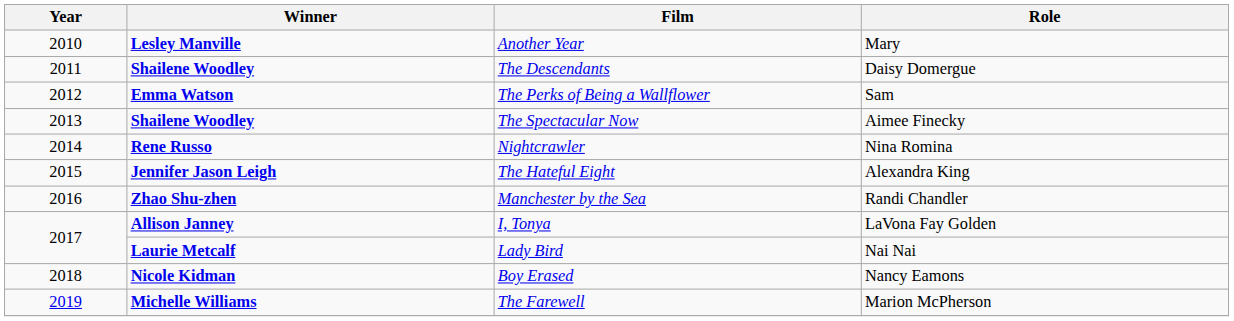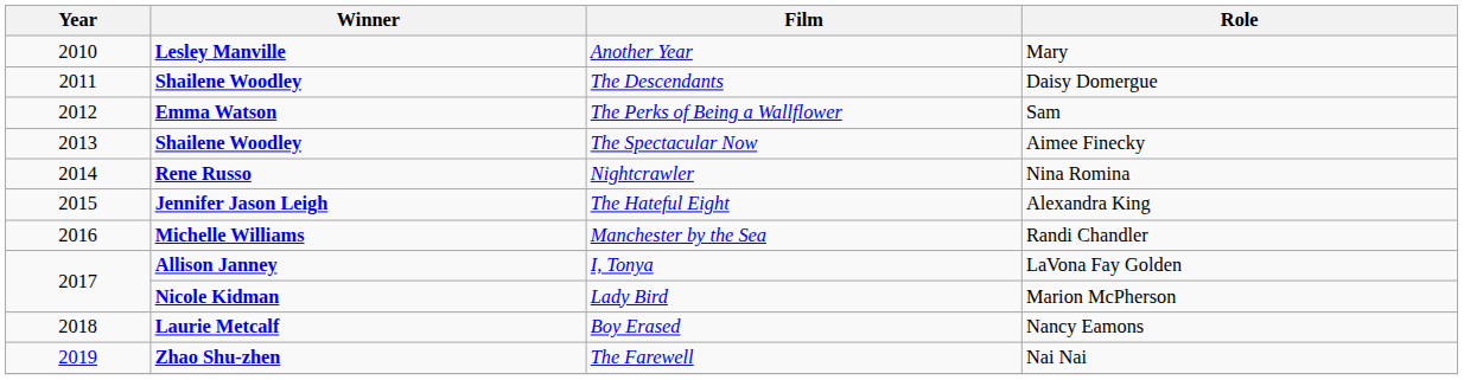 <table class="wikitable" width="95%" cellpadding="5">
 <tr>
 <th width="10%"><strong>Year</strong></th>
 <th width="30%"><strong>Winner</strong></th>
 <th width="30%"><strong>Film</strong></th>
 <th width="30%"><strong>Role</strong></th>
 </tr>
 <tr>
 <td style="text-align:center;">2010</td>
 <td><strong><a href='#'>Lesley Manville</a></strong></td>
 <td><em><a href='#'>Another Year</a></em></td>
 <td>Mary</td>
 </tr>
 <tr>
 <td style="text-align:center;">2011</td>
 <td><strong><a href='#'>Shailene Woodley</a></strong></td>
 <td><em><a href='#'>The Descendants</a></em></td>
 <td>Daisy Domergue</td>
 </tr>
 <tr>
 <td style="text-align:center;">2012</td>
 <td><strong><a href='#'>Emma Watson</a></strong></td>
 <td><em><a href='#'>The Perks of Being a Wallflower</a></em></td>
 <td>Sam</td>
 </tr>
 <tr>
 <td style="text-align:center;">2013</td>
 <td><strong><a href='#'>Shailene Woodley</a></strong></td>
 <td><em><a href='#'>The Spectacular Now</a></em></td>
 <td>Aimee Finecky</td>
 </tr>
 <tr>
 <td style="text-align:center;">2014</td>
 <td><strong><a href='#'>Rene Russo</a></strong></td>
 <td><em><a href='#'>Nightcrawler</a></em></td>
 <td>Nina Romina</td>
 </tr>
 <tr>
 <td style="text-align:center;">2015</td>
 <td><strong><a href='#'>Jennifer Jason Leigh</a></strong></td>
 <td><em><a href='#'>The Hateful Eight</a></em></td>
 <td>Alexandra King</td>
 </tr>
 <tr>
 <td style="text-align:center;">2016</td>
-<td><strong><a href='#'>Zhao Shu-zhen</a></strong></td>
+<td><strong><a href='#'>Michelle Williams</a></strong></td>
 <td><em><a href='#'>Manchester by the Sea</a></em></td>
 <td>Randi Chandler</td>
 </tr>
 <tr>
 <td rowspan=2 style="text-align:center;">2017</td>
 <td><strong><a href='#'>Allison Janney</a></strong></td>
 <td><em><a href='#'>I, Tonya</a></em></td>
 <td>LaVona Fay Golden</td>
 </tr>
 <tr>
-<td><strong><a href='#'>Laurie Metcalf</a></strong></td>
+<td><strong><a href='#'>Nicole Kidman</a></strong></td>
 <td><em><a href='#'>Lady Bird</a></em></td>
-<td>Nai Nai</td>
+<td>Marion McPherson</td>
 </tr>
 <tr>
 <td style="text-align:center;">2018</td>
-<td><strong><a href='#'>Nicole Kidman</a></strong></td>
+<td><strong><a href='#'>Laurie Metcalf</a></strong></td>
 <td><em><a href='#'>Boy Erased</a></em></td>
 <td>Nancy Eamons</td>
 </tr>
 <tr>
 <td style="text-align:center;"><a href='#'>2019</a></td>
-<td><strong><a href='#'>Michelle Williams</a></strong></td>
+<td><strong><a href='#'>Zhao Shu-zhen</a></strong></td>
 <td><em><a href='#'>The Farewell</a></em></td>
-<td>Marion McPherson</td>
+<td>Nai Nai</td>
 </tr>
 <tr>
 </tr>
 </table>
